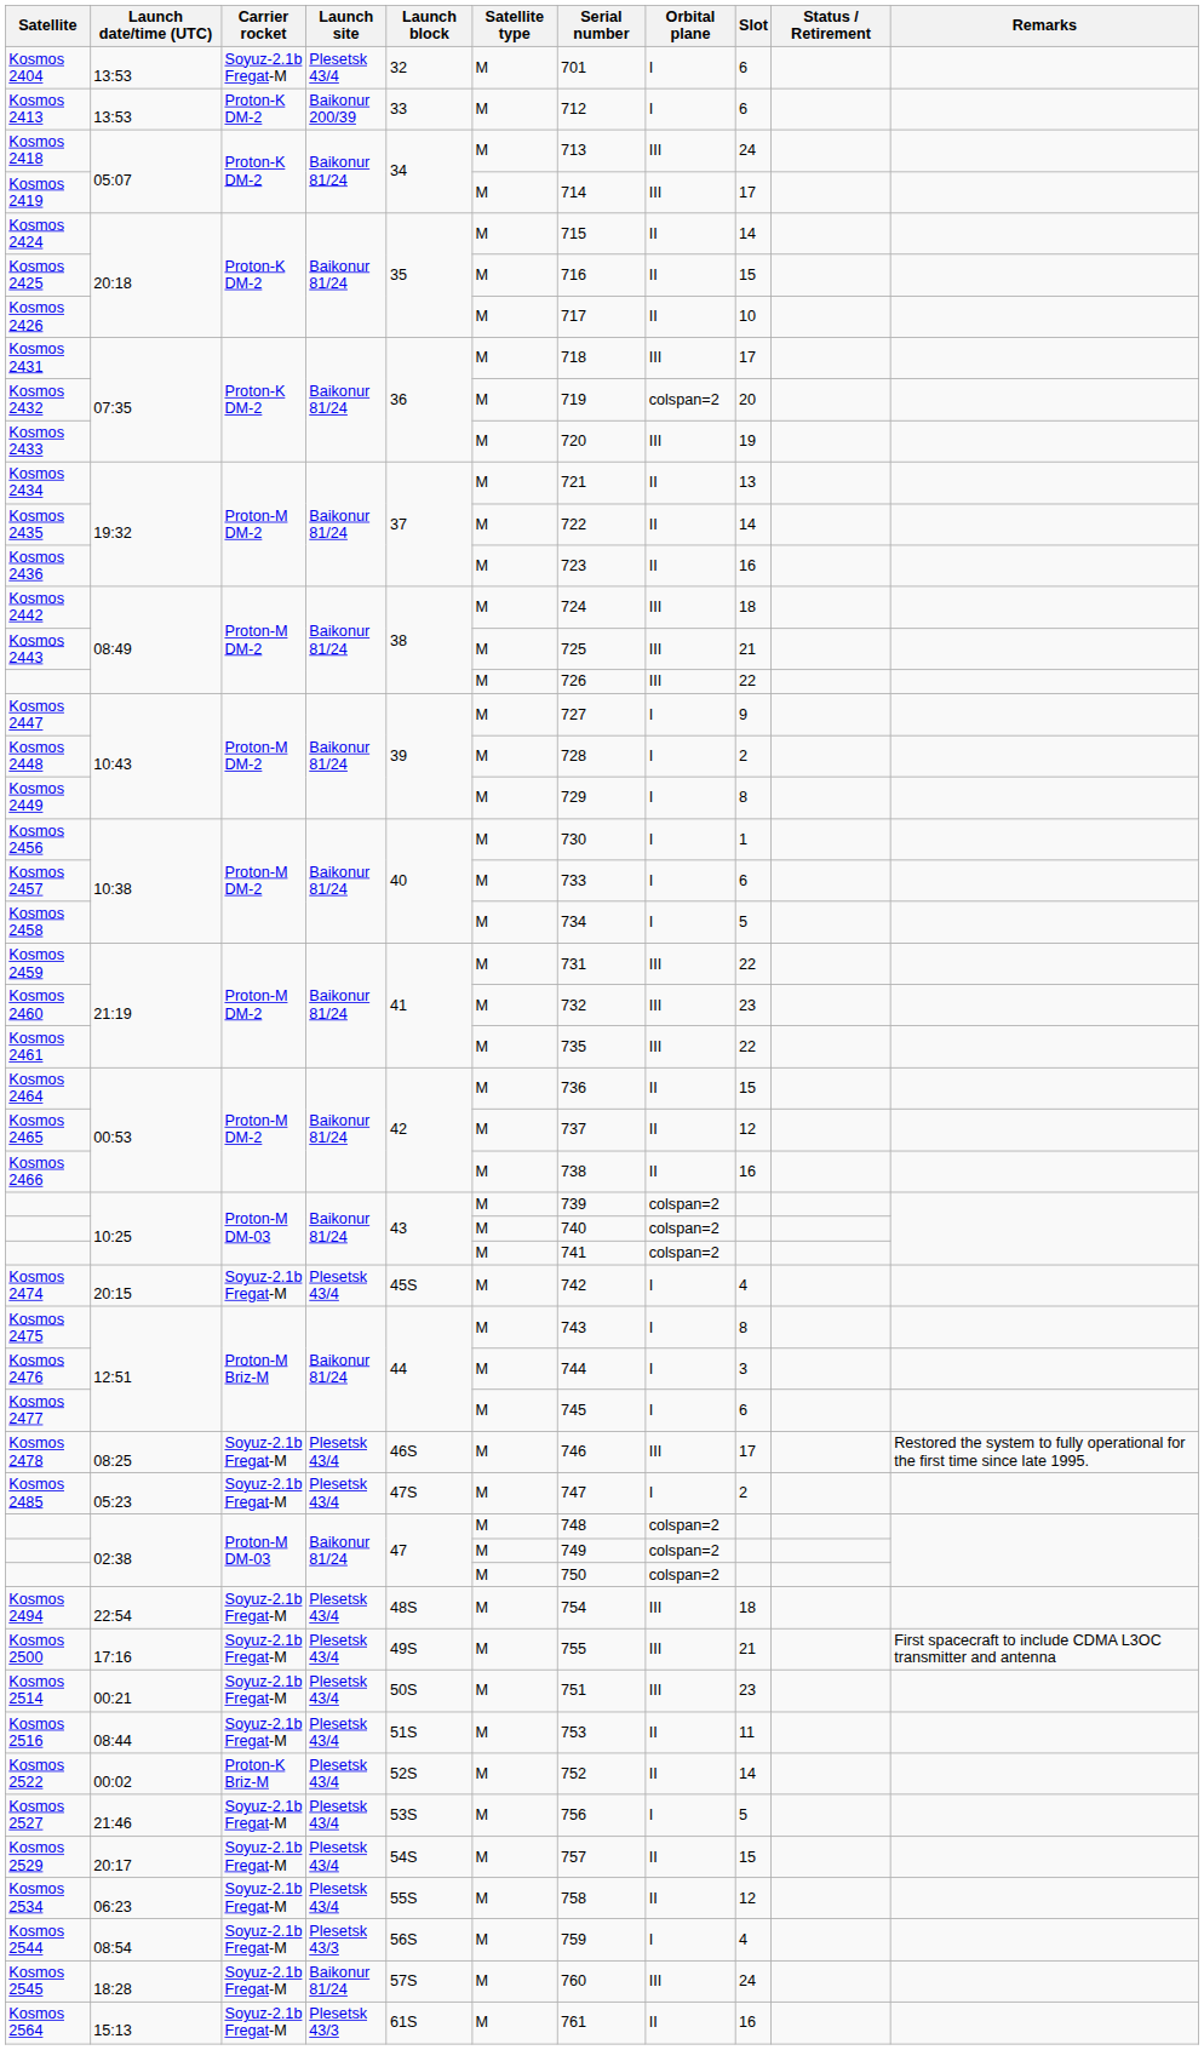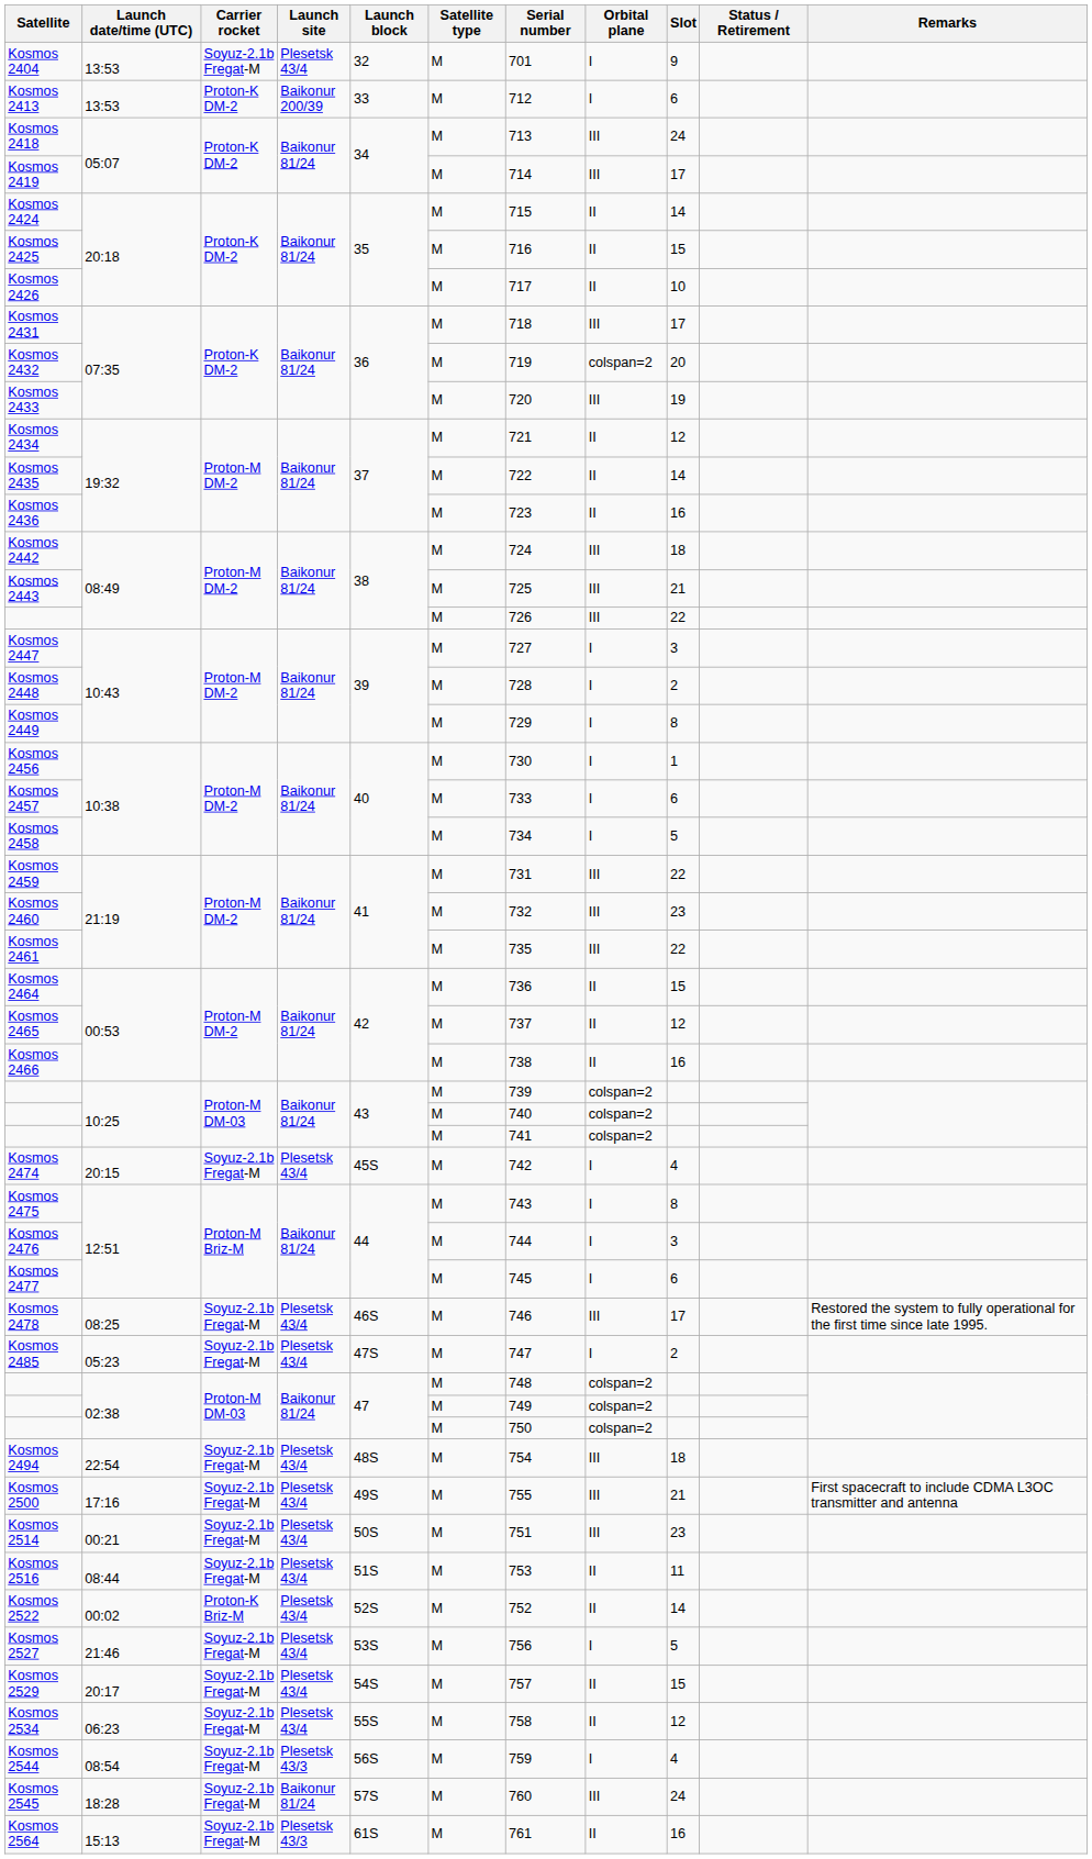 <table class="wikitable sortable">
 <tr>
 <th>Satellite</th>
 <th>Launch date/time (UTC)</th>
 <th>Carrier rocket</th>
 <th>Launch site</th>
 <th>Launch block</th>
 <th>Satellite type</th>
 <th>Serial number</th>
 <th>Orbital plane</th>
 <th>Slot</th>
 <th>Status / Retirement</th>
 <th>Remarks</th>
 </tr>
 <tr>
 <td><a href='#'>Kosmos 2404</a></td>
 <td><br>13:53</td>
 <td><a href='#'>Soyuz-2.1b</a> <br> <a href='#'>Fregat</a>-M</td>
 <td><a href='#'>Plesetsk</a> <br> <a href='#'>43/4</a></td>
 <td>32</td>
 <td>M</td>
 <td>701</td>
 <td>I</td>
-<td>6</td>
+<td>9</td>
 <td></td>
 <td></td>
 </tr>
 <tr>
 <td><a href='#'>Kosmos 2413</a></td>
 <td><br>13:53</td>
 <td><a href='#'>Proton-K</a> <br> <a href='#'>DM-2</a></td>
 <td><a href='#'>Baikonur</a> <br> <a href='#'>200/39</a></td>
 <td>33</td>
 <td>M</td>
 <td>712</td>
 <td>I</td>
 <td>6</td>
 <td></td>
 <td></td>
 </tr>
 <tr>
 <td><a href='#'>Kosmos 2418</a></td>
 <td rowspan=2><br>05:07</td>
 <td rowspan=2><a href='#'>Proton-K</a> <br> <a href='#'>DM-2</a></td>
 <td rowspan=2><a href='#'>Baikonur</a> <br> <a href='#'>81/24</a></td>
 <td rowspan=2>34</td>
 <td>M</td>
 <td>713</td>
 <td>III</td>
 <td>24</td>
 <td></td>
 <td></td>
 </tr>
 <tr>
 <td><a href='#'>Kosmos 2419</a></td>
 <td>M</td>
 <td>714</td>
 <td>III</td>
 <td>17</td>
 <td></td>
 <td></td>
 </tr>
 <tr>
 <td><a href='#'>Kosmos 2424</a></td>
 <td rowspan=3><br>20:18</td>
 <td rowspan=3><a href='#'>Proton-K</a> <br> <a href='#'>DM-2</a></td>
 <td rowspan=3><a href='#'>Baikonur</a> <br> <a href='#'>81/24</a></td>
 <td rowspan=3>35</td>
 <td>M</td>
 <td>715</td>
 <td>II</td>
 <td>14</td>
 <td></td>
 <td></td>
 </tr>
 <tr>
 <td><a href='#'>Kosmos 2425</a></td>
 <td>M</td>
 <td>716</td>
 <td>II</td>
 <td>15</td>
 <td></td>
 <td></td>
 </tr>
 <tr>
 <td><a href='#'>Kosmos 2426</a></td>
 <td>M</td>
 <td>717</td>
 <td>II</td>
 <td>10</td>
 <td></td>
 <td></td>
 </tr>
 <tr>
 <td><a href='#'>Kosmos 2431</a></td>
 <td rowspan=3><br>07:35</td>
 <td rowspan=3><a href='#'>Proton-K</a> <br> <a href='#'>DM-2</a></td>
 <td rowspan=3><a href='#'>Baikonur</a> <br> <a href='#'>81/24</a></td>
 <td rowspan=3>36</td>
 <td>M</td>
 <td>718</td>
 <td>III</td>
 <td>17</td>
 <td></td>
 <td></td>
 </tr>
 <tr>
 <td><a href='#'>Kosmos 2432</a></td>
 <td>M</td>
 <td>719</td>
 <td>colspan=2 </td>
 <td>20</td>
 <td></td>
 <td></td>
 </tr>
 <tr>
 <td><a href='#'>Kosmos 2433</a></td>
 <td>M</td>
 <td>720</td>
 <td>III</td>
 <td>19</td>
 <td></td>
 <td></td>
 </tr>
 <tr>
 <td><a href='#'>Kosmos 2434</a></td>
 <td rowspan=3><br>19:32</td>
 <td rowspan=3><a href='#'>Proton-M</a> <br> <a href='#'>DM-2</a></td>
 <td rowspan=3><a href='#'>Baikonur</a> <br> <a href='#'>81/24</a></td>
 <td rowspan=3>37</td>
 <td>M</td>
 <td>721</td>
 <td>II</td>
-<td>13</td>
+<td>12</td>
 <td></td>
 <td></td>
 </tr>
 <tr>
 <td><a href='#'>Kosmos 2435</a></td>
 <td>M</td>
 <td>722</td>
 <td>II</td>
 <td>14</td>
 <td></td>
 <td></td>
 </tr>
 <tr>
 <td><a href='#'>Kosmos 2436</a></td>
 <td>M</td>
 <td>723</td>
 <td>II</td>
 <td>16</td>
 <td></td>
 <td></td>
 </tr>
 <tr>
 <td><a href='#'>Kosmos 2442</a></td>
 <td rowspan=3><br>08:49</td>
 <td rowspan=3><a href='#'>Proton-M</a> <br> <a href='#'>DM-2</a></td>
 <td rowspan=3><a href='#'>Baikonur</a> <br> <a href='#'>81/24</a></td>
 <td rowspan=3>38</td>
 <td>M</td>
 <td>724</td>
 <td>III</td>
 <td>18</td>
 <td></td>
 <td></td>
 </tr>
 <tr>
 <td><a href='#'>Kosmos 2443</a></td>
 <td>M</td>
 <td>725</td>
 <td>III</td>
 <td>21</td>
 <td></td>
 <td></td>
 </tr>
 <tr>
 <td></td>
 <td>M</td>
 <td>726</td>
 <td>III</td>
 <td>22</td>
 <td></td>
 <td></td>
 </tr>
 <tr>
 <td><a href='#'>Kosmos 2447</a></td>
 <td rowspan=3><br>10:43</td>
 <td rowspan=3><a href='#'>Proton-M</a> <br> <a href='#'>DM-2</a></td>
 <td rowspan=3><a href='#'>Baikonur</a> <br> <a href='#'>81/24</a></td>
 <td rowspan=3>39</td>
 <td>M</td>
 <td>727</td>
 <td>I</td>
-<td>9</td>
+<td>3</td>
 <td></td>
 <td></td>
 </tr>
 <tr>
 <td><a href='#'>Kosmos 2448</a></td>
 <td>M</td>
 <td>728</td>
 <td>I</td>
 <td>2</td>
 <td></td>
 <td></td>
 </tr>
 <tr>
 <td><a href='#'>Kosmos 2449</a></td>
 <td>M</td>
 <td>729</td>
 <td>I</td>
 <td>8</td>
 <td></td>
 <td></td>
 </tr>
 <tr>
 <td><a href='#'>Kosmos 2456</a></td>
 <td rowspan=3><br>10:38</td>
 <td rowspan=3><a href='#'>Proton-M</a> <br> <a href='#'>DM-2</a></td>
 <td rowspan=3><a href='#'>Baikonur</a> <br> <a href='#'>81/24</a></td>
 <td rowspan=3>40</td>
 <td>M</td>
 <td>730</td>
 <td>I</td>
 <td>1</td>
 <td></td>
 <td></td>
 </tr>
 <tr>
 <td><a href='#'>Kosmos 2457</a></td>
 <td>M</td>
 <td>733</td>
 <td>I</td>
 <td>6</td>
 <td></td>
 <td></td>
 </tr>
 <tr>
 <td><a href='#'>Kosmos 2458</a></td>
 <td>M</td>
 <td>734</td>
 <td>I</td>
 <td>5</td>
 <td></td>
 <td></td>
 </tr>
 <tr>
 <td><a href='#'>Kosmos 2459</a></td>
 <td rowspan=3><br>21:19</td>
 <td rowspan=3><a href='#'>Proton-M</a> <br> <a href='#'>DM-2</a></td>
 <td rowspan=3><a href='#'>Baikonur</a> <br> <a href='#'>81/24</a></td>
 <td rowspan=3>41</td>
 <td>M</td>
 <td>731</td>
 <td>III</td>
 <td>22</td>
 <td></td>
 <td></td>
 </tr>
 <tr>
 <td><a href='#'>Kosmos 2460</a></td>
 <td>M</td>
 <td>732</td>
 <td>III</td>
 <td>23</td>
 <td></td>
 <td></td>
 </tr>
 <tr>
 <td><a href='#'>Kosmos 2461</a></td>
 <td>M</td>
 <td>735</td>
 <td>III</td>
 <td>22</td>
 <td></td>
 <td></td>
 </tr>
 <tr>
 <td><a href='#'>Kosmos 2464</a></td>
 <td rowspan=3><br>00:53</td>
 <td rowspan=3><a href='#'>Proton-M</a> <br> <a href='#'>DM-2</a></td>
 <td rowspan=3><a href='#'>Baikonur</a> <br> <a href='#'>81/24</a></td>
 <td rowspan=3>42</td>
 <td>M</td>
 <td>736</td>
 <td>II</td>
 <td>15</td>
 <td></td>
 <td></td>
 </tr>
 <tr>
 <td><a href='#'>Kosmos 2465</a></td>
 <td>M</td>
 <td>737</td>
 <td>II</td>
 <td>12</td>
 <td></td>
 <td></td>
 </tr>
 <tr>
 <td><a href='#'>Kosmos 2466</a></td>
 <td>M</td>
 <td>738</td>
 <td>II</td>
 <td>16</td>
 <td></td>
 <td></td>
 </tr>
 <tr>
 <td></td>
 <td rowspan=3><br>10:25</td>
 <td rowspan=3><a href='#'>Proton-M</a> <br> <a href='#'>DM-03</a></td>
 <td rowspan=3><a href='#'>Baikonur</a> <br> <a href='#'>81/24</a></td>
 <td rowspan=3>43</td>
 <td>M</td>
 <td>739</td>
 <td>colspan=2 </td>
 <td></td>
 <td></td>
 </tr>
 <tr>
 <td></td>
 <td>M</td>
 <td>740</td>
 <td>colspan=2 </td>
 <td></td>
 <td></td>
 </tr>
 <tr>
 <td></td>
 <td>M</td>
 <td>741</td>
 <td>colspan=2 </td>
 <td></td>
 <td></td>
 </tr>
 <tr>
 <td><a href='#'>Kosmos 2474</a></td>
 <td><br>20:15</td>
 <td><a href='#'>Soyuz-2.1b</a> <br> <a href='#'>Fregat</a>-M</td>
 <td><a href='#'>Plesetsk</a> <br> <a href='#'>43/4</a></td>
 <td>45S</td>
 <td>M</td>
 <td>742</td>
 <td>I</td>
 <td>4</td>
 <td></td>
 <td></td>
 </tr>
 <tr>
 <td><a href='#'>Kosmos 2475</a></td>
 <td rowspan=3><br>12:51</td>
 <td rowspan=3><a href='#'>Proton-M</a> <br> <a href='#'>Briz-M</a></td>
 <td rowspan=3><a href='#'>Baikonur</a> <br> <a href='#'>81/24</a></td>
 <td rowspan=3>44</td>
 <td>M</td>
 <td>743</td>
 <td>I</td>
 <td>8</td>
 <td></td>
 <td></td>
 </tr>
 <tr>
 <td><a href='#'>Kosmos 2476</a></td>
 <td>M</td>
 <td>744</td>
 <td>I</td>
 <td>3</td>
 <td></td>
 <td></td>
 </tr>
 <tr>
 <td><a href='#'>Kosmos 2477</a></td>
 <td>M</td>
 <td>745</td>
 <td>I</td>
 <td>6</td>
 <td></td>
 <td></td>
 </tr>
 <tr>
 <td><a href='#'>Kosmos 2478</a></td>
 <td><br>08:25</td>
 <td><a href='#'>Soyuz-2.1b</a> <br> <a href='#'>Fregat</a>-M</td>
 <td><a href='#'>Plesetsk</a> <br> <a href='#'>43/4</a></td>
 <td>46S</td>
 <td>M</td>
 <td>746</td>
 <td>III</td>
 <td>17</td>
 <td></td>
 <td>Restored the system to fully operational for the first time since late 1995.</td>
 </tr>
 <tr>
 <td><a href='#'>Kosmos 2485</a></td>
 <td><br>05:23</td>
 <td><a href='#'>Soyuz-2.1b</a> <br> <a href='#'>Fregat</a>-M</td>
 <td><a href='#'>Plesetsk</a> <br> <a href='#'>43/4</a></td>
 <td>47S</td>
 <td>M</td>
 <td>747</td>
 <td>I</td>
 <td>2</td>
 <td></td>
 <td></td>
 </tr>
 <tr>
 <td></td>
 <td rowspan=3><br>02:38</td>
 <td rowspan=3><a href='#'>Proton-M</a> <br> <a href='#'>DM-03</a></td>
 <td rowspan=3><a href='#'>Baikonur</a> <br> <a href='#'>81/24</a></td>
 <td rowspan=3>47</td>
 <td>M</td>
 <td>748</td>
 <td>colspan=2 </td>
 <td></td>
 <td></td>
 </tr>
 <tr>
 <td></td>
 <td>M</td>
 <td>749</td>
 <td>colspan=2 </td>
 <td></td>
 <td></td>
 </tr>
 <tr>
 <td></td>
 <td>M</td>
 <td>750</td>
 <td>colspan=2 </td>
 <td></td>
 <td></td>
 </tr>
 <tr>
 <td><a href='#'>Kosmos 2494</a></td>
 <td><br>22:54</td>
 <td><a href='#'>Soyuz-2.1b</a> <br> <a href='#'>Fregat</a>-M</td>
 <td><a href='#'>Plesetsk</a> <br> <a href='#'>43/4</a></td>
 <td>48S</td>
 <td>M</td>
 <td>754</td>
 <td>III</td>
 <td>18</td>
 <td></td>
 <td></td>
 </tr>
 <tr>
 <td><a href='#'>Kosmos 2500</a></td>
 <td><br>17:16</td>
 <td><a href='#'>Soyuz-2.1b</a> <br> <a href='#'>Fregat</a>-M</td>
 <td><a href='#'>Plesetsk</a> <br> <a href='#'>43/4</a></td>
 <td>49S</td>
 <td>M</td>
 <td>755</td>
 <td>III</td>
 <td>21</td>
 <td></td>
 <td>First spacecraft to include CDMA L3OC transmitter and antenna</td>
 </tr>
 <tr>
 <td><a href='#'>Kosmos 2514</a></td>
 <td><br>00:21</td>
 <td><a href='#'>Soyuz-2.1b</a> <br> <a href='#'>Fregat</a>-M</td>
 <td><a href='#'>Plesetsk</a> <br> <a href='#'>43/4</a></td>
 <td>50S</td>
 <td>M</td>
 <td>751</td>
 <td>III</td>
 <td>23</td>
 <td></td>
 <td></td>
 </tr>
 <tr>
 <td><a href='#'>Kosmos 2516</a></td>
 <td><br>08:44</td>
 <td><a href='#'>Soyuz-2.1b</a> <br> <a href='#'>Fregat</a>-M</td>
 <td><a href='#'>Plesetsk</a> <br> <a href='#'>43/4</a></td>
 <td>51S</td>
 <td>M</td>
 <td>753</td>
 <td>II</td>
 <td>11</td>
 <td></td>
 <td></td>
 </tr>
 <tr>
 <td><a href='#'>Kosmos 2522</a></td>
 <td><br>00:02</td>
 <td><a href='#'>Proton-K</a> <br> <a href='#'>Briz-M</a></td>
 <td><a href='#'>Plesetsk</a> <br> <a href='#'>43/4</a></td>
 <td>52S</td>
 <td>M</td>
 <td>752</td>
 <td>II</td>
 <td>14</td>
 <td></td>
 <td></td>
 </tr>
 <tr>
 <td><a href='#'>Kosmos 2527</a></td>
 <td><br>21:46</td>
 <td><a href='#'>Soyuz-2.1b</a> <br> <a href='#'>Fregat</a>-M</td>
 <td><a href='#'>Plesetsk</a> <br> <a href='#'>43/4</a></td>
 <td>53S</td>
 <td>M</td>
 <td>756</td>
 <td>I</td>
 <td>5</td>
 <td></td>
 <td></td>
 </tr>
 <tr>
 <td><a href='#'>Kosmos 2529</a></td>
 <td><br>20:17</td>
 <td><a href='#'>Soyuz-2.1b</a> <br> <a href='#'>Fregat</a>-M</td>
 <td><a href='#'>Plesetsk</a> <br> <a href='#'>43/4</a></td>
 <td>54S</td>
 <td>M</td>
 <td>757</td>
 <td>II</td>
 <td>15</td>
 <td></td>
 <td></td>
 </tr>
 <tr>
 <td><a href='#'>Kosmos 2534</a></td>
 <td><br>06:23</td>
 <td><a href='#'>Soyuz-2.1b</a> <br> <a href='#'>Fregat</a>-M</td>
 <td><a href='#'>Plesetsk</a> <br> <a href='#'>43/4</a></td>
 <td>55S</td>
 <td>M</td>
 <td>758</td>
 <td>II</td>
 <td>12</td>
 <td></td>
 <td></td>
 </tr>
 <tr>
 <td><a href='#'>Kosmos 2544</a></td>
 <td><br>08:54</td>
 <td><a href='#'>Soyuz-2.1b</a> <br> <a href='#'>Fregat</a>-M</td>
 <td><a href='#'>Plesetsk</a> <br> <a href='#'>43/3</a></td>
 <td>56S</td>
 <td>M</td>
 <td>759</td>
 <td>I</td>
 <td>4</td>
 <td></td>
 <td></td>
 </tr>
 <tr>
 <td><a href='#'>Kosmos 2545</a></td>
 <td><br>18:28</td>
 <td><a href='#'>Soyuz-2.1b</a> <br> <a href='#'>Fregat</a>-M</td>
 <td><a href='#'>Baikonur</a> <br> <a href='#'>81/24</a></td>
 <td>57S</td>
 <td>M</td>
 <td>760</td>
 <td>III</td>
 <td>24</td>
 <td></td>
 <td></td>
 </tr>
 <tr>
 <td><a href='#'>Kosmos 2564</a></td>
 <td><br>15:13</td>
 <td><a href='#'>Soyuz-2.1b</a> <br> <a href='#'>Fregat</a>-M</td>
 <td><a href='#'>Plesetsk</a> <br> <a href='#'>43/3</a></td>
 <td>61S</td>
 <td>M</td>
 <td>761</td>
 <td>II</td>
 <td>16</td>
 <td></td>
 <td></td>
 </tr>
 </table>
